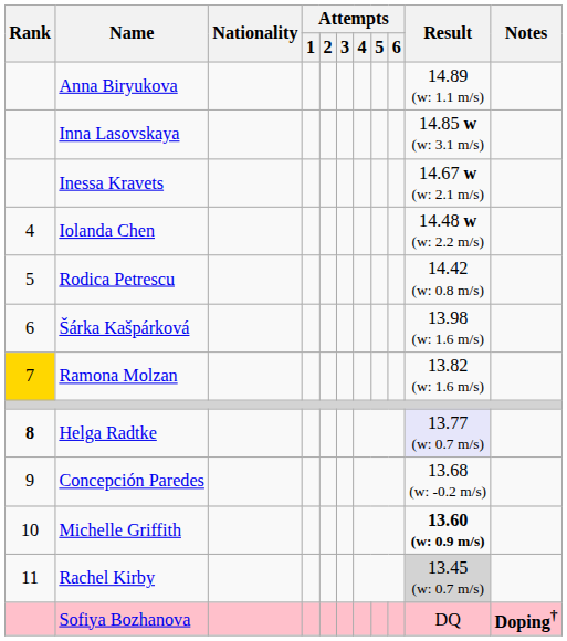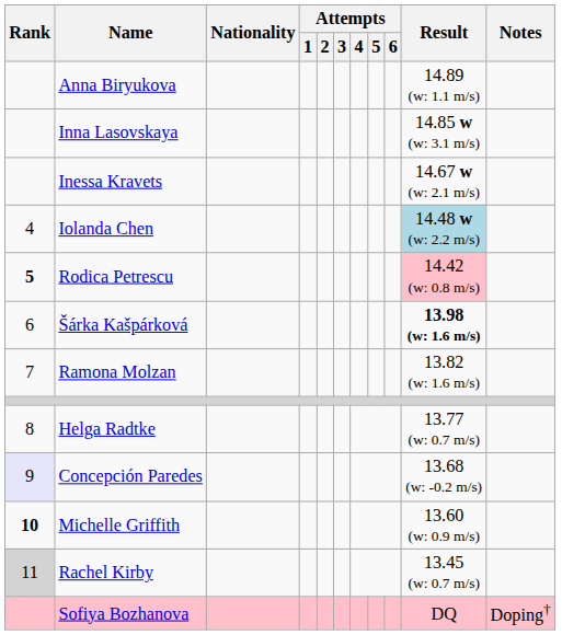 <table class="wikitable sortable" style="text-align:center">
 <tr>
 <th rowspan="2">Rank</th>
 <th rowspan="2">Name</th>
 <th rowspan="2">Nationality</th>
 <th colspan="6">Attempts</th>
 <th rowspan="2">Result</th>
 <th rowspan="2">Notes</th>
 </tr>
 <tr>
 <th>1</th>
 <th>2</th>
 <th>3</th>
 <th>4</th>
 <th>5</th>
 <th>6</th>
 </tr>
 <tr>
 <td></td>
 <td align=left><a href='#'>Anna Biryukova</a></td>
 <td align=left></td>
 <td></td>
 <td></td>
 <td></td>
 <td></td>
 <td></td>
 <td></td>
 <td>14.89<br><small>(w: 1.1 m/s)</small></td>
 <td></td>
 </tr>
 <tr>
 <td></td>
 <td align=left><a href='#'>Inna Lasovskaya</a></td>
 <td align=left></td>
 <td></td>
 <td></td>
 <td></td>
 <td></td>
 <td></td>
 <td></td>
 <td>14.85 <strong>w</strong><br><small>(w: 3.1 m/s)</small></td>
 <td></td>
 </tr>
 <tr>
 <td></td>
 <td align=left><a href='#'>Inessa Kravets</a></td>
 <td align=left></td>
 <td></td>
 <td></td>
 <td></td>
 <td></td>
 <td></td>
 <td></td>
 <td>14.67 <strong>w</strong><br><small>(w: 2.1 m/s)</small></td>
 <td></td>
 </tr>
 <tr>
 <td>4</td>
 <td align=left><a href='#'>Iolanda Chen</a></td>
 <td align=left></td>
 <td></td>
 <td></td>
 <td></td>
 <td></td>
 <td></td>
 <td></td>
-<td>14.48 <strong>w</strong><br><small>(w: 2.2 m/s)</small></td>
+<td style="background: lightblue;">14.48 <strong>w</strong><br><small>(w: 2.2 m/s)</small></td>
 <td></td>
 </tr>
 <tr>
-<td>5</td>
+<td><strong>5</strong></td>
 <td align=left><a href='#'>Rodica Petrescu</a></td>
 <td align=left></td>
 <td></td>
 <td></td>
 <td></td>
 <td></td>
 <td></td>
 <td></td>
-<td>14.42<br><small>(w: 0.8 m/s)</small></td>
+<td style="background: pink;">14.42<br><small>(w: 0.8 m/s)</small></td>
 <td></td>
 </tr>
 <tr>
 <td>6</td>
 <td align=left><a href='#'>Šárka Kašpárková</a></td>
 <td align=left></td>
 <td></td>
 <td></td>
 <td></td>
 <td></td>
 <td></td>
 <td></td>
-<td>13.98<br><small>(w: 1.6 m/s)</small></td>
+<td><strong>13.98<br><small>(w: 1.6 m/s)</small></strong></td>
 <td></td>
 </tr>
 <tr>
-<td style="background: gold;">7</td>
+<td>7</td>
 <td align=left><a href='#'>Ramona Molzan</a></td>
 <td align=left></td>
 <td></td>
 <td></td>
 <td></td>
 <td></td>
 <td></td>
 <td></td>
 <td>13.82<br><small>(w: 1.6 m/s)</small></td>
 <td></td>
 </tr>
 <tr>
 <td colspan=11 bgcolor=lightgray></td>
 </tr>
 <tr>
-<td><strong>8</strong></td>
+<td>8</td>
 <td align=left><a href='#'>Helga Radtke</a></td>
 <td align=left></td>
 <td></td>
 <td></td>
 <td></td>
 <td colspan="3"></td>
-<td style="background: lavender;">13.77<br><small>(w: 0.7 m/s)</small></td>
+<td>13.77<br><small>(w: 0.7 m/s)</small></td>
 <td></td>
 </tr>
 <tr>
-<td>9</td>
+<td style="background: lavender;">9</td>
 <td align=left><a href='#'>Concepción Paredes</a></td>
 <td align=left></td>
 <td></td>
 <td></td>
 <td></td>
 <td colspan="3"></td>
 <td>13.68<br><small>(w: -0.2 m/s)</small></td>
 <td></td>
 </tr>
 <tr>
-<td>10</td>
+<td><strong>10</strong></td>
 <td align=left><a href='#'>Michelle Griffith</a></td>
 <td align=left></td>
 <td></td>
 <td></td>
 <td></td>
 <td colspan="3"></td>
-<td><strong>13.60<br><small>(w: 0.9 m/s)</small></strong></td>
+<td>13.60<br><small>(w: 0.9 m/s)</small></td>
 <td></td>
 </tr>
 <tr>
-<td>11</td>
+<td style="background: lightgrey;">11</td>
 <td align=left><a href='#'>Rachel Kirby</a></td>
 <td align=left></td>
 <td></td>
 <td></td>
 <td></td>
 <td colspan="3"></td>
-<td style="background: lightgrey;">13.45<br><small>(w: 0.7 m/s)</small></td>
+<td>13.45<br><small>(w: 0.7 m/s)</small></td>
 <td></td>
 </tr>
 <tr bgcolor=pink>
 <td></td>
 <td align=left><a href='#'>Sofiya Bozhanova</a></td>
 <td align=left></td>
 <td></td>
 <td></td>
 <td></td>
 <td></td>
 <td></td>
 <td></td>
 <td>DQ</td>
-<td><strong>Doping<sup>†</sup></strong></td>
+<td>Doping<sup>†</sup></td>
 </tr>
 </table>
